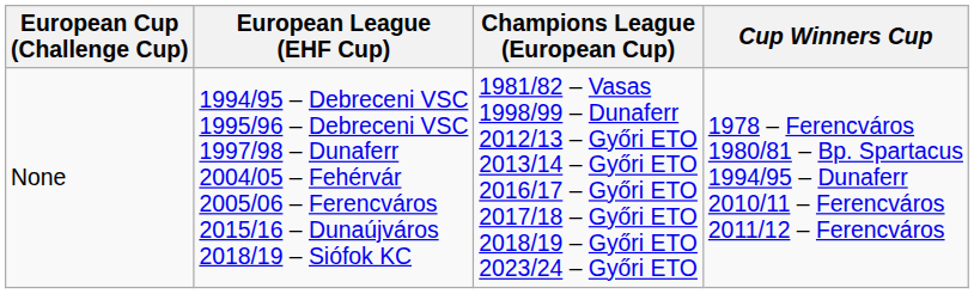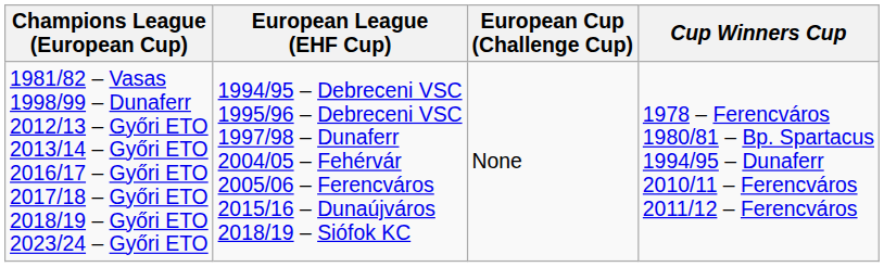 <table class="wikitable">
 <tr>
+<th>Champions League<br>(European Cup)</th>
+<th>European League<br>(EHF Cup)</th>
 <th>European Cup<br>(Challenge Cup)</th>
-<th>European League<br>(EHF Cup)</th>
-<th>Champions League<br>(European Cup)</th>
 <th><em>Cup Winners Cup</em></th>
 </tr>
 <tr>
+<td><a href='#'>1981/82</a> – <a href='#'>Vasas</a><br><a href='#'>1998/99</a> – <a href='#'>Dunaferr</a><br><a href='#'>2012/13</a> – <a href='#'>Győri ETO</a><br><a href='#'>2013/14</a> – <a href='#'>Győri ETO</a><br><a href='#'>2016/17</a> – <a href='#'>Győri ETO</a><br><a href='#'>2017/18</a> – <a href='#'>Győri ETO</a><br><a href='#'>2018/19</a> – <a href='#'>Győri ETO</a><br><a href='#'>2023/24</a> – <a href='#'>Győri ETO</a></td>
+<td><a href='#'>1994/95</a> – <a href='#'>Debreceni VSC</a><br><a href='#'>1995/96</a> – <a href='#'>Debreceni VSC</a><br><a href='#'>1997/98</a> – <a href='#'>Dunaferr</a><br><a href='#'>2004/05</a> – <a href='#'>Fehérvár</a><br><a href='#'>2005/06</a> – <a href='#'>Ferencváros</a><br><a href='#'>2015/16</a> – <a href='#'>Dunaújváros</a><br><a href='#'>2018/19</a> – <a href='#'>Siófok KC</a></td>
 <td>None</td>
-<td><a href='#'>1994/95</a> – <a href='#'>Debreceni VSC</a><br><a href='#'>1995/96</a> – <a href='#'>Debreceni VSC</a><br><a href='#'>1997/98</a> – <a href='#'>Dunaferr</a><br><a href='#'>2004/05</a> – <a href='#'>Fehérvár</a><br><a href='#'>2005/06</a> – <a href='#'>Ferencváros</a><br><a href='#'>2015/16</a> – <a href='#'>Dunaújváros</a><br><a href='#'>2018/19</a> – <a href='#'>Siófok KC</a></td>
-<td><a href='#'>1981/82</a> – <a href='#'>Vasas</a><br><a href='#'>1998/99</a> – <a href='#'>Dunaferr</a><br><a href='#'>2012/13</a> – <a href='#'>Győri ETO</a><br><a href='#'>2013/14</a> – <a href='#'>Győri ETO</a><br><a href='#'>2016/17</a> – <a href='#'>Győri ETO</a><br><a href='#'>2017/18</a> – <a href='#'>Győri ETO</a><br><a href='#'>2018/19</a> – <a href='#'>Győri ETO</a><br><a href='#'>2023/24</a> – <a href='#'>Győri ETO</a></td>
 <td><a href='#'>1978</a> – <a href='#'>Ferencváros</a><br><a href='#'>1980/81</a> – <a href='#'>Bp. Spartacus</a><br><a href='#'>1994/95</a> – <a href='#'>Dunaferr</a><br><a href='#'>2010/11</a> – <a href='#'>Ferencváros</a><br><a href='#'>2011/12</a> – <a href='#'>Ferencváros</a></td>
 </tr>
 </table>
